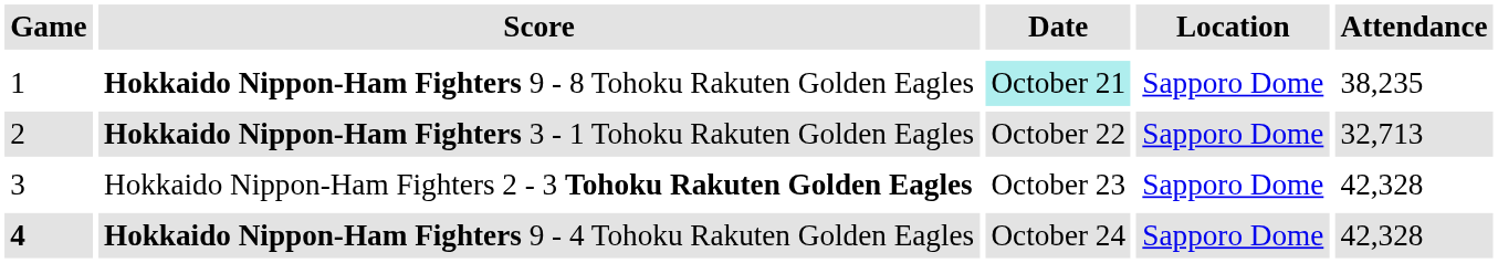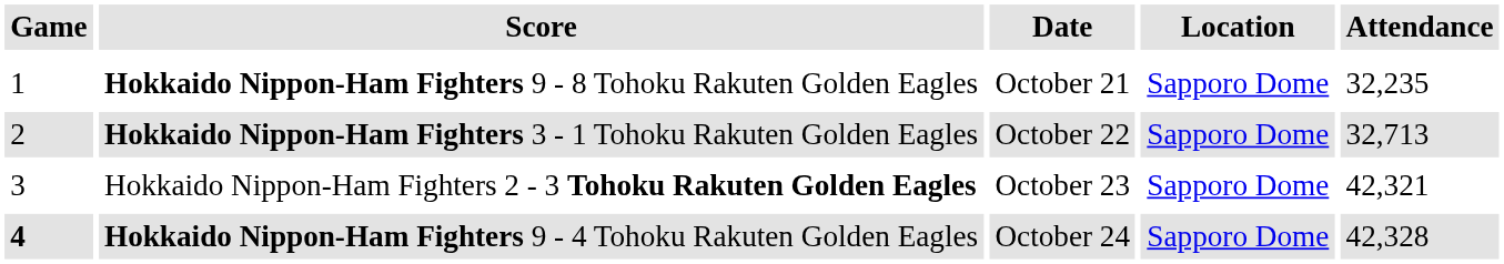 <table border="0" cellspacing="3" cellpadding="3">
 <tr style="background: #e3e3e3;">
 <th>Game</th>
 <th>Score</th>
 <th>Date</th>
 <th>Location</th>
 <th>Attendance</th>
 </tr>
 <tr style="background: #e3e3e3;">
 </tr>
 <tr>
 <td>1</td>
 <td><strong>Hokkaido Nippon-Ham Fighters</strong> 9 - 8 Tohoku Rakuten Golden Eagles</td>
-<td style="background: paleturquoise;">October 21</td>
+<td>October 21</td>
 <td><a href='#'>Sapporo Dome</a></td>
-<td>38,235</td>
+<td>32,235</td>
 </tr>
 <tr style="background: #e3e3e3;">
 <td>2</td>
 <td><strong>Hokkaido Nippon-Ham Fighters</strong> 3 - 1 Tohoku Rakuten Golden Eagles</td>
 <td>October 22</td>
 <td><a href='#'>Sapporo Dome</a></td>
 <td>32,713</td>
 </tr>
 <tr>
 <td>3</td>
 <td>Hokkaido Nippon-Ham Fighters 2 - 3 <strong>Tohoku Rakuten Golden Eagles</strong></td>
 <td>October 23</td>
 <td><a href='#'>Sapporo Dome</a></td>
-<td>42,328</td>
+<td>42,321</td>
 </tr>
 <tr style="background: #e3e3e3;">
 <td><strong>4</strong></td>
 <td><strong>Hokkaido Nippon-Ham Fighters</strong> 9 - 4 Tohoku Rakuten Golden Eagles</td>
 <td>October 24</td>
 <td><a href='#'>Sapporo Dome</a></td>
 <td>42,328</td>
 </tr>
 </table>
